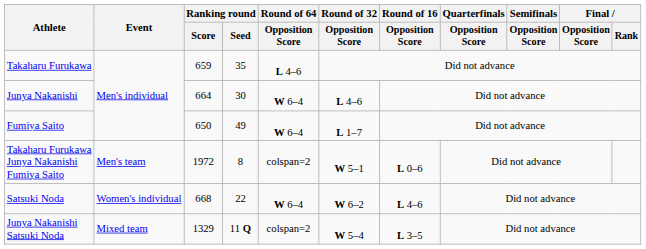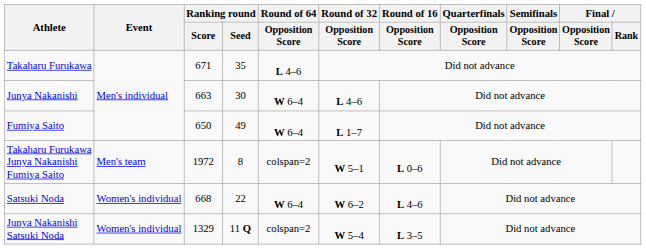 <table class="wikitable" style="font-size:90%; text-align:center">
 <tr>
 <th rowspan=2>Athlete</th>
 <th rowspan=2>Event</th>
 <th colspan="2">Ranking round</th>
 <th>Round of 64</th>
 <th>Round of 32</th>
 <th>Round of 16</th>
 <th>Quarterfinals</th>
 <th>Semifinals</th>
 <th colspan="2">Final / </th>
 </tr>
 <tr style="font-size:95%">
 <th>Score</th>
 <th>Seed</th>
 <th>Opposition<br>Score</th>
 <th>Opposition<br>Score</th>
 <th>Opposition<br>Score</th>
 <th>Opposition<br>Score</th>
 <th>Opposition<br>Score</th>
 <th>Opposition<br>Score</th>
 <th>Rank</th>
 </tr>
 <tr align=center>
 <td align=left><a href='#'>Takaharu Furukawa</a></td>
 <td align=left rowspan=3><a href='#'>Men's individual</a></td>
-<td>659</td>
+<td>671</td>
 <td>35</td>
 <td><br><strong>L</strong> 4–6</td>
 <td colspan="6">Did not advance</td>
 </tr>
 <tr align=center>
 <td align=left><a href='#'>Junya Nakanishi</a></td>
-<td>664</td>
+<td>663</td>
 <td>30</td>
 <td><br><strong>W</strong> 6–4</td>
 <td><br><strong>L</strong> 4–6</td>
 <td colspan="5">Did not advance</td>
 </tr>
 <tr align=center>
 <td align=left><a href='#'>Fumiya Saito</a></td>
 <td>650</td>
 <td>49</td>
 <td><br><strong>W</strong> 6–4</td>
 <td><br><strong>L</strong> 1–7</td>
 <td colspan="5">Did not advance</td>
 </tr>
 <tr align=center>
 <td align=left><a href='#'>Takaharu Furukawa</a><br><a href='#'>Junya Nakanishi</a><br><a href='#'>Fumiya Saito</a></td>
 <td align=left><a href='#'>Men's team</a></td>
 <td>1972</td>
 <td>8</td>
 <td>colspan=2 </td>
 <td><br><strong>W</strong> 5–1</td>
 <td><br><strong>L</strong> 0–6</td>
 <td colspan="3">Did not advance</td>
 </tr>
 <tr align=center>
 <td align=left><a href='#'>Satsuki Noda</a></td>
 <td align=left><a href='#'>Women's individual</a></td>
 <td>668</td>
 <td>22</td>
 <td><br><strong>W</strong> 6–4</td>
 <td><br><strong>W</strong> 6–2</td>
 <td><br><strong>L</strong> 4–6</td>
 <td colspan="4">Did not advance</td>
 </tr>
 <tr align=center>
 <td align=left><a href='#'>Junya Nakanishi</a><br><a href='#'>Satsuki Noda</a></td>
-<td align=left><a href='#'>Mixed team</a></td>
+<td align=left><a href='#'>Women's individual</a></td>
 <td>1329</td>
 <td>11 <strong>Q</strong></td>
 <td>colspan=2 </td>
 <td><br><strong>W</strong> 5–4</td>
 <td><br><strong>L</strong> 3–5</td>
 <td colspan="4">Did not advance</td>
 </tr>
 </table>
